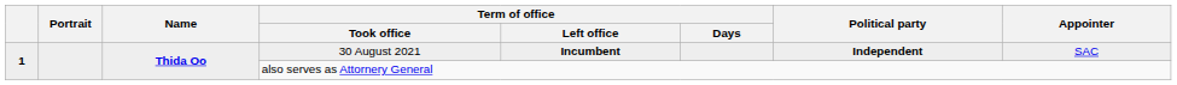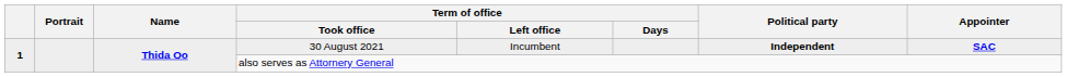 <table class="wikitable" style="text-align:center; width:100%; border:1px #AAAAFF solid">
 <tr>
 <th rowspan="2"></th>
 <th rowspan="2" width="80">Portrait</th>
 <th rowspan="2">Name</th>
 <th colspan="3">Term of office</th>
 <th rowspan="2">Political party</th>
 <th colspan="1" rowspan="2">Appointer</th>
 </tr>
 <tr>
 <th>Took office</th>
 <th>Left office</th>
 <th>Days</th>
 </tr>
 <tr style="background:#EEEEEE">
 <td rowspan="2" style="background:"><strong>1</strong></td>
 <td rowspan="2"></td>
 <td rowspan="2"><strong><a href='#'>Thida Oo</a></strong></td>
 <td>30 August 2021</td>
-<td><strong>Incumbent</strong></td>
+<td>Incumbent</td>
 <td></td>
 <td><strong>Independent</strong></td>
-<td><a href='#'>SAC</a></td>
+<td><strong><a href='#'>SAC</a></strong></td>
 </tr>
 <tr>
 <td colspan="5" align="left">also serves as <a href='#'>Attornery General</a></td>
 </tr>
 </table>
